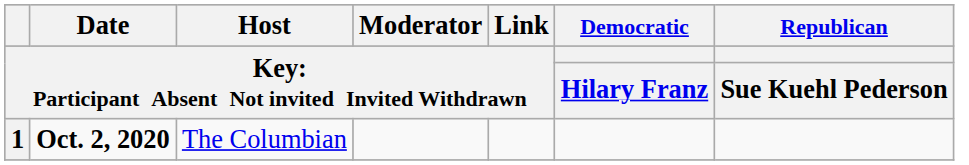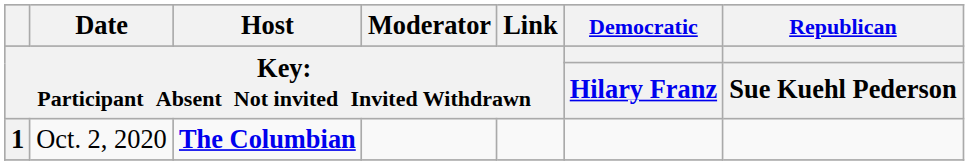 <table class="wikitable" style="text-align:center;">
 <tr>
 <th scope="col"></th>
 <th scope="col">Date</th>
 <th scope="col">Host</th>
 <th scope="col">Moderator</th>
 <th scope="col">Link</th>
 <th scope="col"><small><a href='#'>Democratic</a></small></th>
 <th scope="col"><small><a href='#'>Republican</a></small></th>
 </tr>
 <tr>
 <th colspan="5" rowspan="2">Key:<br> <small>Participant </small>  <small>Absent </small>  <small>Not invited </small>  <small>Invited  Withdrawn</small></th>
 <th scope="col" style="background:"></th>
 <th scope="col" style="background:"></th>
 </tr>
 <tr>
 <th scope="col"><a href='#'>Hilary Franz</a></th>
 <th scope="col">Sue Kuehl Pederson</th>
 </tr>
 <tr>
 <th>1</th>
-<td style="white-space:nowrap;"><strong>Oct. 2, 2020</strong></td>
-<td style="white-space:nowrap;"><a href='#'>The Columbian</a></td>
+<td style="white-space:nowrap;">Oct. 2, 2020</td>
+<td style="white-space:nowrap;"><strong><a href='#'>The Columbian</a></strong></td>
 <td style="white-space:nowrap;"></td>
 <td style="white-space:nowrap;"></td>
 <td></td>
 <td></td>
 </tr>
 </table>
